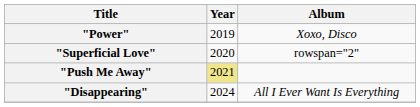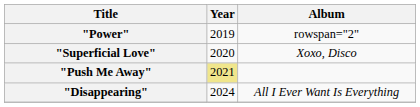 <table class="wikitable plainrowheaders" style="text-align:center;">
 <tr>
 <th scope="col" rowspan="1" style="width:16em;">Title</th>
 <th scope="col" rowspan="1" style="width:1em;">Year</th>
 <th scope="col" rowspan="1" style="width:14em;">Album</th>
 </tr>
 <tr>
 <th scope="row">"Power"<br></th>
 <td>2019</td>
-<td><em>Xoxo, Disco</em></td>
+<td>rowspan="2" </td>
 </tr>
 <tr>
 <th scope="row">"Superficial Love"<br></th>
 <td>2020</td>
-<td>rowspan="2" </td>
+<td><em>Xoxo, Disco</em></td>
 </tr>
 <tr>
 <th scope="row">"Push Me Away"<br></th>
 <td style="background: khaki;">2021</td>
 </tr>
 <tr>
 <th scope="row">"Disappearing"<br></th>
 <td>2024</td>
 <td><em>All I Ever Want Is Everything</em></td>
 </tr>
 <tr>
 </tr>
 </table>
